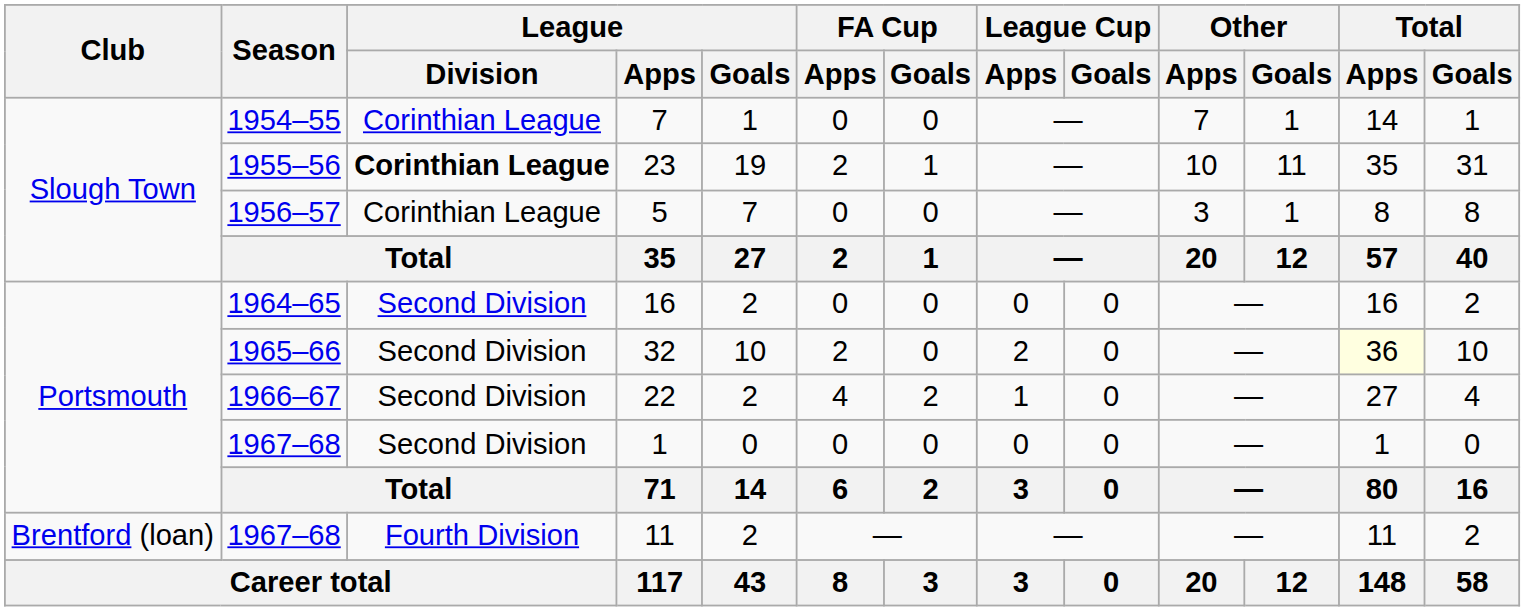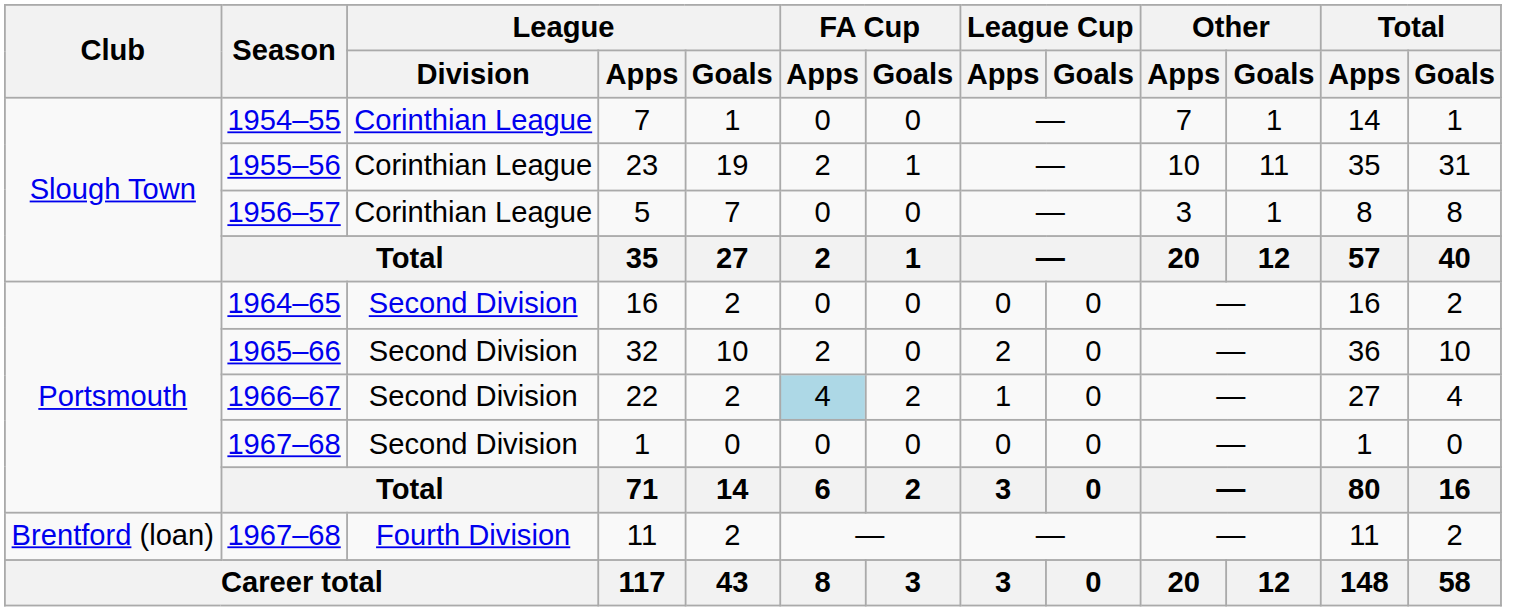 <table class="wikitable" style="text-align: center;">
 <tr>
 <th rowspan="2">Club</th>
 <th rowspan="2">Season</th>
 <th colspan="3">League</th>
 <th colspan="2">FA Cup</th>
 <th colspan="2">League Cup</th>
 <th colspan="2">Other</th>
 <th colspan="2">Total</th>
 </tr>
 <tr>
 <th>Division</th>
 <th>Apps</th>
 <th>Goals</th>
 <th>Apps</th>
 <th>Goals</th>
 <th>Apps</th>
 <th>Goals</th>
 <th>Apps</th>
 <th>Goals</th>
 <th>Apps</th>
 <th>Goals</th>
 </tr>
 <tr>
 <td rowspan="4"><a href='#'>Slough Town</a></td>
 <td><a href='#'>1954–55</a></td>
 <td><a href='#'>Corinthian League</a></td>
 <td>7</td>
 <td>1</td>
 <td>0</td>
 <td>0</td>
 <td colspan="2">—</td>
 <td>7</td>
 <td>1</td>
 <td>14</td>
 <td>1</td>
 </tr>
 <tr>
 <td><a href='#'>1955–56</a></td>
-<td><strong>Corinthian League</strong></td>
+<td>Corinthian League</td>
 <td>23</td>
 <td>19</td>
 <td>2</td>
 <td>1</td>
 <td colspan="2">—</td>
 <td>10</td>
 <td>11</td>
 <td>35</td>
 <td>31</td>
 </tr>
 <tr>
 <td><a href='#'>1956–57</a></td>
 <td>Corinthian League</td>
 <td>5</td>
 <td>7</td>
 <td>0</td>
 <td>0</td>
 <td colspan="2">—</td>
 <td>3</td>
 <td>1</td>
 <td>8</td>
 <td>8</td>
 </tr>
 <tr>
 <th colspan="2">Total</th>
 <th>35</th>
 <th>27</th>
 <th>2</th>
 <th>1</th>
 <th colspan="2">—</th>
 <th>20</th>
 <th>12</th>
 <th>57</th>
 <th>40</th>
 </tr>
 <tr>
 <td rowspan="5"><a href='#'>Portsmouth</a></td>
 <td><a href='#'>1964–65</a></td>
 <td><a href='#'>Second Division</a></td>
 <td>16</td>
 <td>2</td>
 <td>0</td>
 <td>0</td>
 <td>0</td>
 <td>0</td>
 <td colspan="2">—</td>
 <td>16</td>
 <td>2</td>
 </tr>
 <tr>
 <td><a href='#'>1965–66</a></td>
 <td>Second Division</td>
 <td>32</td>
 <td>10</td>
 <td>2</td>
 <td>0</td>
 <td>2</td>
 <td>0</td>
 <td colspan="2">—</td>
-<td style="background: lightyellow;">36</td>
+<td>36</td>
 <td>10</td>
 </tr>
 <tr>
 <td><a href='#'>1966–67</a></td>
 <td>Second Division</td>
 <td>22</td>
 <td>2</td>
-<td>4</td>
+<td style="background: lightblue;">4</td>
 <td>2</td>
 <td>1</td>
 <td>0</td>
 <td colspan="2">—</td>
 <td>27</td>
 <td>4</td>
 </tr>
 <tr>
 <td><a href='#'>1967–68</a></td>
 <td>Second Division</td>
 <td>1</td>
 <td>0</td>
 <td>0</td>
 <td>0</td>
 <td>0</td>
 <td>0</td>
 <td colspan="2">—</td>
 <td>1</td>
 <td>0</td>
 </tr>
 <tr>
 <th colspan="2">Total</th>
 <th>71</th>
 <th>14</th>
 <th>6</th>
 <th>2</th>
 <th>3</th>
 <th>0</th>
 <th colspan="2">—</th>
 <th>80</th>
 <th>16</th>
 </tr>
 <tr>
 <td><a href='#'>Brentford</a> (loan)</td>
 <td><a href='#'>1967–68</a></td>
 <td><a href='#'>Fourth Division</a></td>
 <td>11</td>
 <td>2</td>
 <td colspan="2">—</td>
 <td colspan="2">—</td>
 <td colspan="2">—</td>
 <td>11</td>
 <td>2</td>
 </tr>
 <tr>
 <th colspan="3">Career total</th>
 <th>117</th>
 <th>43</th>
 <th>8</th>
 <th>3</th>
 <th>3</th>
 <th>0</th>
 <th>20</th>
 <th>12</th>
 <th>148</th>
 <th>58</th>
 </tr>
 </table>
